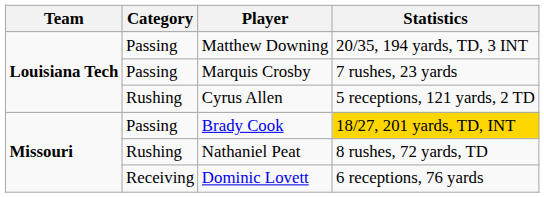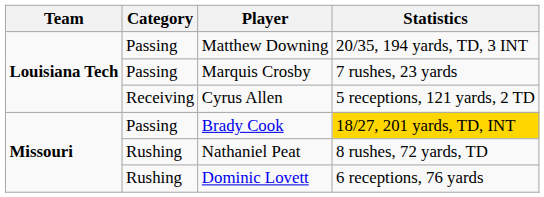 <table class="wikitable" style="float: right;">
 <tr>
 <th>Team</th>
 <th>Category</th>
 <th>Player</th>
 <th>Statistics</th>
 </tr>
 <tr>
 <td rowspan=3><strong>Louisiana Tech</strong></td>
 <td>Passing</td>
 <td>Matthew Downing</td>
 <td>20/35, 194 yards, TD, 3 INT</td>
 </tr>
 <tr>
 <td>Passing</td>
 <td>Marquis Crosby</td>
 <td>7 rushes, 23 yards</td>
 </tr>
 <tr>
-<td>Rushing</td>
+<td>Receiving</td>
 <td>Cyrus Allen</td>
 <td>5 receptions, 121 yards, 2 TD</td>
 </tr>
 <tr>
 <td rowspan=3><strong>Missouri</strong></td>
 <td>Passing</td>
 <td><a href='#'>Brady Cook</a></td>
 <td style="background: gold;">18/27, 201 yards, TD, INT</td>
 </tr>
 <tr>
 <td>Rushing</td>
 <td>Nathaniel Peat</td>
 <td>8 rushes, 72 yards, TD</td>
 </tr>
 <tr>
-<td>Receiving</td>
+<td>Rushing</td>
 <td><a href='#'>Dominic Lovett</a></td>
 <td>6 receptions, 76 yards</td>
 </tr>
 </table>
